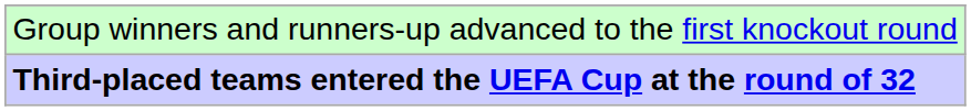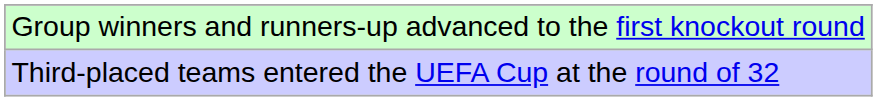 <table class="wikitable">
 <tr bgcolor="#ccffcc">
 <td>Group winners and runners-up advanced to the <a href='#'>first knockout round</a></td>
 </tr>
 <tr bgcolor="#ccccff">
-<td><strong>Third-placed teams entered the <a href='#'>UEFA Cup</a> at the <a href='#'>round of 32</a></strong></td>
+<td>Third-placed teams entered the <a href='#'>UEFA Cup</a> at the <a href='#'>round of 32</a></td>
 </tr>
 </table>
